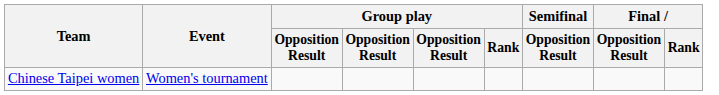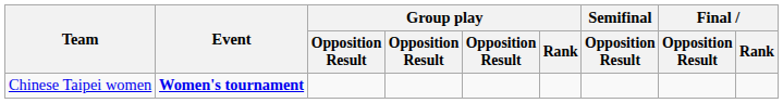 <table class=wikitable style=font-size:90%;text-align:center>
 <tr>
 <th rowspan=2>Team</th>
 <th rowspan=2>Event</th>
 <th colspan=4>Group play</th>
 <th>Semifinal</th>
 <th colspan=2>Final / </th>
 </tr>
 <tr style=font-size:95%>
 <th>Opposition<br>Result</th>
 <th>Opposition<br>Result</th>
 <th>Opposition<br>Result</th>
 <th>Rank</th>
 <th>Opposition<br>Result</th>
 <th>Opposition<br>Result</th>
 <th>Rank</th>
 </tr>
 <tr>
 <td align=left><a href='#'>Chinese Taipei women</a></td>
-<td align=left><a href='#'>Women's tournament</a></td>
+<td align=left><strong><a href='#'>Women's tournament</a></strong></td>
 <td></td>
 <td></td>
 <td></td>
 <td></td>
 <td></td>
 <td></td>
 <td></td>
 </tr>
 </table>
